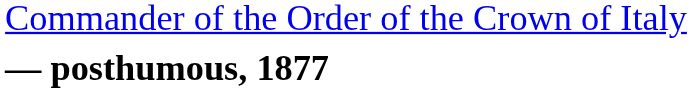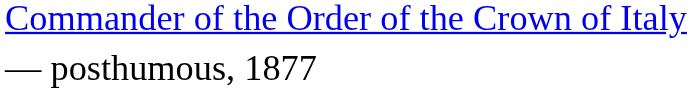 <table>
 <tr>
 <td rowspan=2 style="width:60px; vertical-align:top;"></td>
 <td><a href='#'>Commander of the Order of the Crown of Italy</a></td>
 </tr>
 <tr>
-<td><strong>— posthumous, 1877</strong></td>
+<td>— posthumous, 1877</td>
 </tr>
 </table>
